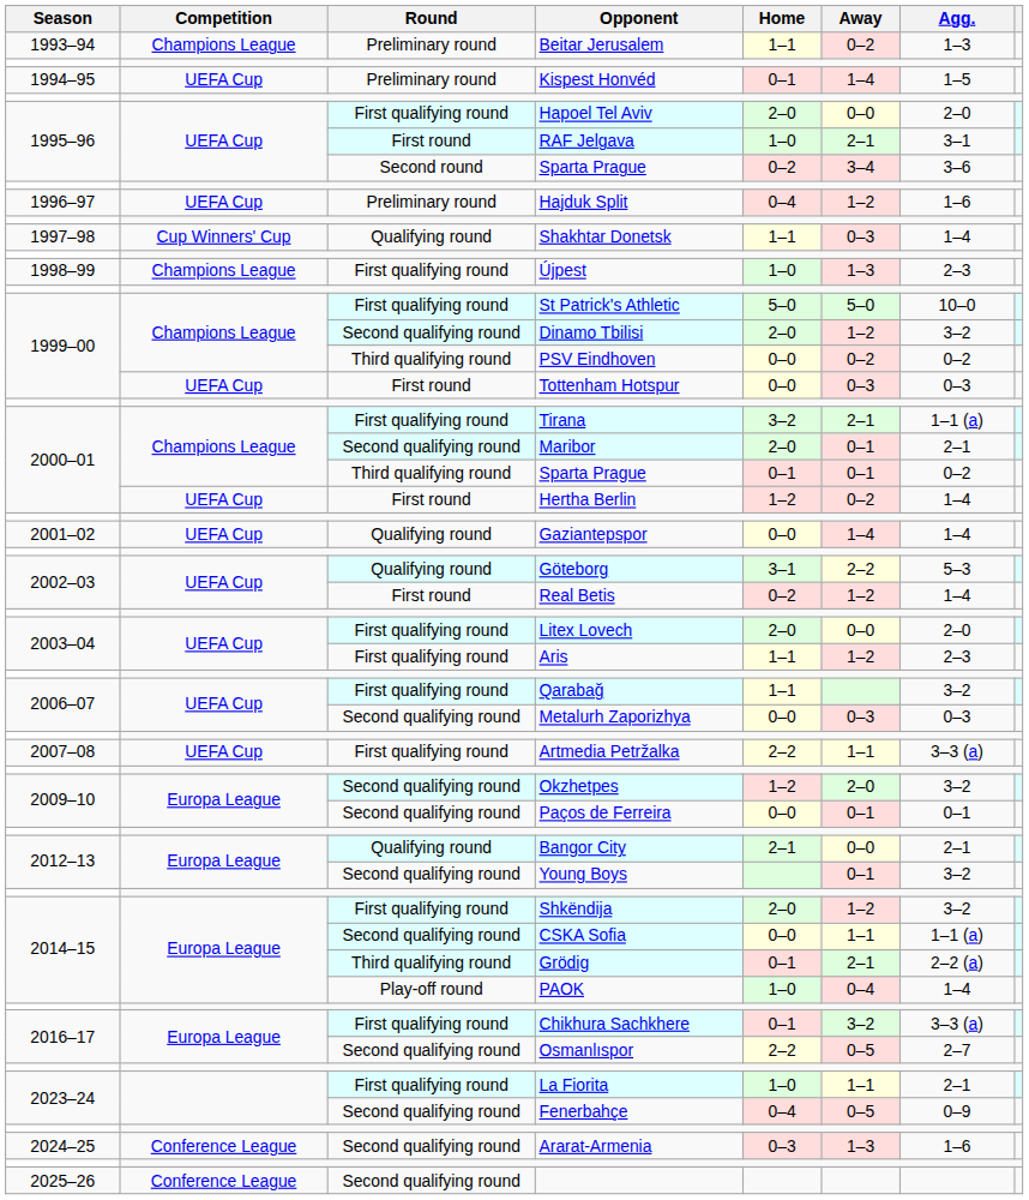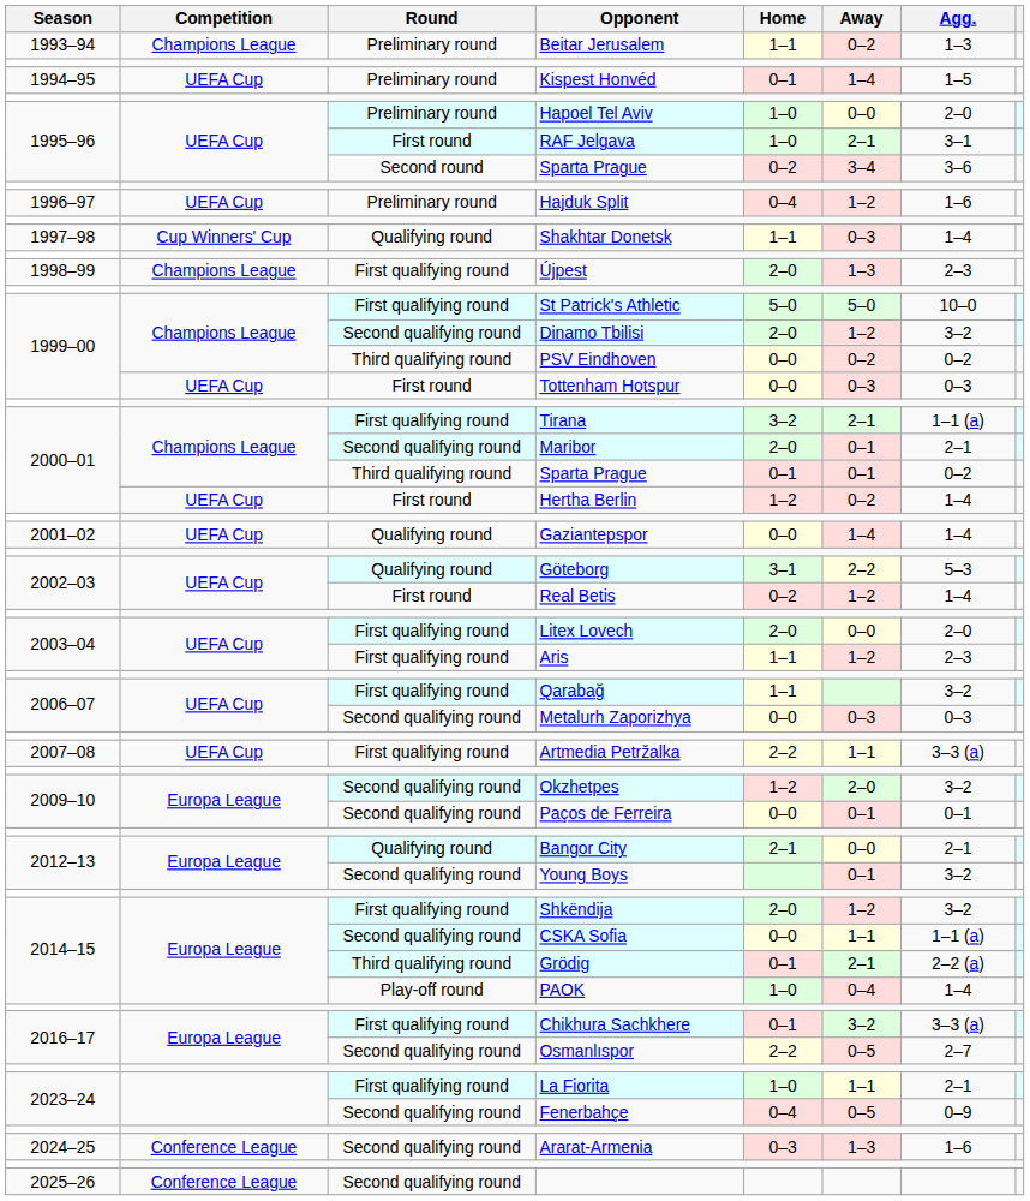 <table class="wikitable" style="font-size:78%; text-align: center;">
 <tr>
 <th width="80">Season</th>
 <th width="150">Competition</th>
 <th width="150">Round</th>
 <th width="150">Opponent</th>
 <th width="53">Home</th>
 <th width="53">Away</th>
 <th width="80"><a href='#'>Agg.</a></th>
 <th></th>
 </tr>
 <tr>
 <td>1993–94</td>
 <td><a href='#'>Champions League</a></td>
 <td>Preliminary round</td>
 <td align="left"> <a href='#'>Beitar Jerusalem</a></td>
 <td bgcolor="#ffffdd">1–1</td>
 <td bgcolor="#ffdddd">0–2</td>
 <td>1–3</td>
 <td></td>
 </tr>
 <tr>
 <td colspan=1 style="text-align: center;" bgcolor=white></td>
 </tr>
 <tr>
 <td>1994–95</td>
 <td><a href='#'>UEFA Cup</a></td>
 <td>Preliminary round</td>
 <td align="left"> <a href='#'>Kispest Honvéd</a></td>
 <td bgcolor="#ffdddd">0–1</td>
 <td bgcolor="#ffdddd">1–4</td>
 <td>1–5</td>
 <td></td>
 </tr>
 <tr>
 <td colspan=1 style="text-align: center;" bgcolor=white></td>
 </tr>
 <tr>
 <td rowspan=3>1995–96</td>
 <td rowspan=3><a href='#'>UEFA Cup</a></td>
-<td style="background:#dff;">First qualifying round</td>
+<td style="background:#dff;">Preliminary round</td>
 <td align="left" style="background:#dff;"> <a href='#'>Hapoel Tel Aviv</a></td>
-<td bgcolor="#ddffdd">2–0</td>
+<td bgcolor="#ddffdd">1–0</td>
 <td bgcolor="#ffffdd">0–0</td>
 <td>2–0</td>
 <td style="background:#dff;"></td>
 </tr>
 <tr>
 <td style="background:#dff;">First round</td>
 <td align="left" style="background:#dff;"> <a href='#'>RAF Jelgava</a></td>
 <td bgcolor="#ddffdd">1–0</td>
 <td bgcolor="#ddffdd">2–1</td>
 <td>3–1</td>
 <td style="background:#dff;"></td>
 </tr>
 <tr>
 <td>Second round</td>
 <td align="left"> <a href='#'>Sparta Prague</a></td>
 <td bgcolor="#ffdddd">0–2</td>
 <td bgcolor="#ffdddd">3–4</td>
 <td>3–6</td>
 <td></td>
 </tr>
 <tr>
 <td colspan=1 style="text-align: center;" bgcolor=white></td>
 </tr>
 <tr>
 <td>1996–97</td>
 <td><a href='#'>UEFA Cup</a></td>
 <td>Preliminary round</td>
 <td align="left"> <a href='#'>Hajduk Split</a></td>
 <td bgcolor="#ffdddd">0–4</td>
 <td bgcolor="#ffdddd">1–2</td>
 <td>1–6</td>
 <td></td>
 </tr>
 <tr>
 <td colspan=1 style="text-align: center;" bgcolor=white></td>
 </tr>
 <tr>
 <td>1997–98</td>
 <td><a href='#'>Cup Winners' Cup</a></td>
 <td>Qualifying round</td>
 <td align="left"> <a href='#'>Shakhtar Donetsk</a></td>
 <td bgcolor="#ffffdd">1–1</td>
 <td bgcolor="#ffdddd">0–3</td>
 <td>1–4</td>
 <td></td>
 </tr>
 <tr>
 <td colspan=1 style="text-align: center;" bgcolor=white></td>
 </tr>
 <tr>
 <td>1998–99</td>
 <td><a href='#'>Champions League</a></td>
 <td>First qualifying round</td>
 <td align="left"> <a href='#'>Újpest</a></td>
-<td bgcolor="#ddffdd">1–0</td>
+<td bgcolor="#ddffdd">2–0</td>
 <td bgcolor="#ffdddd">1–3</td>
 <td>2–3</td>
 <td></td>
 </tr>
 <tr>
 <td colspan=1 style="text-align: center;" bgcolor=white></td>
 </tr>
 <tr>
 <td rowspan=4>1999–00</td>
 <td rowspan=3><a href='#'>Champions League</a></td>
 <td style="background:#dff;">First qualifying round</td>
 <td align="left" style="background:#dff;"> <a href='#'>St Patrick's Athletic</a></td>
 <td bgcolor="#ddffdd">5–0</td>
 <td bgcolor="#ddffdd">5–0</td>
 <td>10–0</td>
 <td style="background:#dff;"></td>
 </tr>
 <tr>
 <td style="background:#dff;">Second qualifying round</td>
 <td align="left" style="background:#dff;"> <a href='#'>Dinamo Tbilisi</a></td>
 <td bgcolor="#ddffdd">2–0</td>
 <td bgcolor="#ffdddd">1–2</td>
 <td>3–2</td>
 <td style="background:#dff;"></td>
 </tr>
 <tr>
 <td>Third qualifying round</td>
 <td align="left"> <a href='#'>PSV Eindhoven</a></td>
 <td bgcolor="#ffffdd">0–0</td>
 <td bgcolor="#ffdddd">0–2</td>
 <td>0–2</td>
 <td></td>
 </tr>
 <tr>
 <td><a href='#'>UEFA Cup</a></td>
 <td>First round</td>
 <td align="left"> <a href='#'>Tottenham Hotspur</a></td>
 <td bgcolor="#ffffdd">0–0</td>
 <td bgcolor="#ffdddd">0–3</td>
 <td>0–3</td>
 <td></td>
 </tr>
 <tr>
 <td colspan=1 style="text-align: center;" bgcolor=white></td>
 </tr>
 <tr>
 <td rowspan=4>2000–01</td>
 <td rowspan=3><a href='#'>Champions League</a></td>
 <td style="background:#dff;">First qualifying round</td>
 <td align="left" style="background:#dff;"> <a href='#'>Tirana</a></td>
 <td bgcolor="#ddffdd">3–2</td>
 <td bgcolor="#ddffdd">2–1</td>
 <td>1–1 (<a href='#'>a</a>)</td>
 <td style="background:#dff;"></td>
 </tr>
 <tr>
 <td style="background:#dff;">Second qualifying round</td>
 <td align="left" style="background:#dff;"> <a href='#'>Maribor</a></td>
 <td bgcolor="#ddffdd">2–0</td>
 <td bgcolor="#ffdddd">0–1</td>
 <td>2–1</td>
 <td style="background:#dff;"></td>
 </tr>
 <tr>
 <td>Third qualifying round</td>
 <td align="left"> <a href='#'>Sparta Prague</a></td>
 <td bgcolor="#ffdddd">0–1</td>
 <td bgcolor="#ffdddd">0–1</td>
 <td>0–2</td>
 <td></td>
 </tr>
 <tr>
 <td><a href='#'>UEFA Cup</a></td>
 <td>First round</td>
 <td align="left"> <a href='#'>Hertha Berlin</a></td>
 <td bgcolor="#ffdddd">1–2</td>
 <td bgcolor="#ffdddd">0–2</td>
 <td>1–4</td>
 <td></td>
 </tr>
 <tr>
 <td colspan=1 style="text-align: center;" bgcolor=white></td>
 </tr>
 <tr>
 <td>2001–02</td>
 <td><a href='#'>UEFA Cup</a></td>
 <td>Qualifying round</td>
 <td align="left"> <a href='#'>Gaziantepspor</a></td>
 <td bgcolor="#ffffdd">0–0</td>
 <td bgcolor="#ffdddd">1–4</td>
 <td>1–4</td>
 <td></td>
 </tr>
 <tr>
 <td colspan=1 style="text-align: center;" bgcolor=white></td>
 </tr>
 <tr>
 <td rowspan=2>2002–03</td>
 <td rowspan=2><a href='#'>UEFA Cup</a></td>
 <td style="background:#dff;">Qualifying round</td>
 <td align="left" style="background:#dff;"> <a href='#'>Göteborg</a></td>
 <td bgcolor="#ddffdd">3–1</td>
 <td bgcolor="#ffffdd">2–2</td>
 <td>5–3</td>
 <td style="background:#dff;"></td>
 </tr>
 <tr>
 <td>First round</td>
 <td align="left"> <a href='#'>Real Betis</a></td>
 <td bgcolor="#ffdddd">0–2</td>
 <td bgcolor="#ffdddd">1–2</td>
 <td>1–4</td>
 <td></td>
 </tr>
 <tr>
 <td colspan=1 style="text-align: center;" bgcolor=white></td>
 </tr>
 <tr>
 <td rowspan=2>2003–04</td>
 <td rowspan=2><a href='#'>UEFA Cup</a></td>
 <td style="background:#dff;">First qualifying round</td>
 <td align="left" style="background:#dff;"> <a href='#'>Litex Lovech</a></td>
 <td bgcolor="#ddffdd">2–0</td>
 <td bgcolor="#ffffdd">0–0</td>
 <td>2–0</td>
 <td style="background:#dff;"></td>
 </tr>
 <tr>
 <td>First qualifying round</td>
 <td align="left"> <a href='#'>Aris</a></td>
 <td bgcolor="#ffffdd">1–1</td>
 <td bgcolor="#ffdddd">1–2</td>
 <td>2–3</td>
 <td></td>
 </tr>
 <tr>
 <td colspan=1 style="text-align: center;" bgcolor=white></td>
 </tr>
 <tr>
 <td rowspan=2>2006–07</td>
 <td rowspan=2><a href='#'>UEFA Cup</a></td>
 <td style="background:#dff;">First qualifying round</td>
 <td align="left" style="background:#dff;"> <a href='#'>Qarabağ</a></td>
 <td bgcolor="#ffffdd">1–1</td>
 <td bgcolor="#ddffdd"></td>
 <td>3–2</td>
 <td style="background:#dff;"></td>
 </tr>
 <tr>
 <td>Second qualifying round</td>
 <td align="left"> <a href='#'>Metalurh Zaporizhya</a></td>
 <td bgcolor="#ffffdd">0–0</td>
 <td bgcolor="#ffdddd">0–3</td>
 <td>0–3</td>
 <td></td>
 </tr>
 <tr>
 <td colspan=1 style="text-align: center;" bgcolor=white></td>
 </tr>
 <tr>
 <td>2007–08</td>
 <td><a href='#'>UEFA Cup</a></td>
 <td>First qualifying round</td>
 <td align="left"> <a href='#'>Artmedia Petržalka</a></td>
 <td bgcolor="#ffffdd">2–2</td>
 <td bgcolor="#ffffdd">1–1</td>
 <td>3–3 (<a href='#'>a</a>)</td>
 <td></td>
 </tr>
 <tr>
 <td colspan=1 style="text-align: center;" bgcolor=white></td>
 </tr>
 <tr>
 <td rowspan=2>2009–10</td>
 <td rowspan=2><a href='#'>Europa League</a></td>
 <td style="background:#dff;">Second qualifying round</td>
 <td align="left" style="background:#dff;"> <a href='#'>Okzhetpes</a></td>
 <td bgcolor="#ffdddd">1–2</td>
 <td bgcolor="#ddffdd">2–0</td>
 <td>3–2</td>
 <td style="background:#dff;"></td>
 </tr>
 <tr>
 <td>Second qualifying round</td>
 <td align="left"> <a href='#'>Paços de Ferreira</a></td>
 <td bgcolor="#ffffdd">0–0</td>
 <td bgcolor="#ffdddd">0–1</td>
 <td>0–1</td>
 <td></td>
 </tr>
 <tr>
 <td colspan=1 style="text-align: center;" bgcolor=white></td>
 </tr>
 <tr>
 <td rowspan=2>2012–13</td>
 <td rowspan=2><a href='#'>Europa League</a></td>
 <td style="background:#dff;">Qualifying round</td>
 <td align="left" style="background:#dff;"> <a href='#'>Bangor City</a></td>
 <td bgcolor="#ddffdd">2–1</td>
 <td bgcolor="#ffffdd">0–0</td>
 <td>2–1</td>
 <td style="background:#dff;"></td>
 </tr>
 <tr>
 <td>Second qualifying round</td>
 <td align="left"> <a href='#'>Young Boys</a></td>
 <td bgcolor="#ddffdd"></td>
 <td bgcolor="#ffdddd">0–1</td>
 <td>3–2</td>
 <td></td>
 </tr>
 <tr>
 <td colspan=1 style="text-align: center;" bgcolor=white></td>
 </tr>
 <tr>
 <td rowspan=4>2014–15</td>
 <td rowspan=4><a href='#'>Europa League</a></td>
 <td style="background:#dff;">First qualifying round</td>
 <td align="left" style="background:#dff;"> <a href='#'>Shkëndija</a></td>
 <td bgcolor="#ddffdd">2–0</td>
 <td bgcolor="#ffdddd">1–2</td>
 <td>3–2</td>
 <td style="background:#dff;"></td>
 </tr>
 <tr>
 <td style="background:#dff;">Second qualifying round</td>
 <td align="left" style="background:#dff;"> <a href='#'>CSKA Sofia</a></td>
 <td bgcolor="#ffffdd">0–0</td>
 <td bgcolor="#ffffdd">1–1</td>
 <td>1–1 (<a href='#'>a</a>)</td>
 <td style="background:#dff;"></td>
 </tr>
 <tr>
 <td style="background:#dff;">Third qualifying round</td>
 <td align="left" style="background:#dff;"> <a href='#'>Grödig</a></td>
 <td bgcolor="#ffdddd">0–1</td>
 <td bgcolor="#ddffdd">2–1</td>
 <td>2–2 (<a href='#'>a</a>)</td>
 <td style="background:#dff;"></td>
 </tr>
 <tr>
 <td>Play-off round</td>
 <td align="left"> <a href='#'>PAOK</a></td>
 <td bgcolor="#ddffdd">1–0</td>
 <td bgcolor="#ffdddd">0–4</td>
 <td>1–4</td>
 <td></td>
 </tr>
 <tr>
 <td colspan=1 style="text-align: center;" bgcolor=white></td>
 </tr>
 <tr>
 <td rowspan=2>2016–17</td>
 <td rowspan=2><a href='#'>Europa League</a></td>
 <td style="background:#dff;">First qualifying round</td>
 <td align="left" style="background:#dff;"> <a href='#'>Chikhura Sachkhere</a></td>
 <td bgcolor="#ffdddd">0–1</td>
 <td bgcolor="#ddffdd">3–2</td>
 <td>3–3 (<a href='#'>a</a>)</td>
 <td style="background:#dff;"></td>
 </tr>
 <tr>
 <td>Second qualifying round</td>
 <td align="left"> <a href='#'>Osmanlıspor</a></td>
 <td bgcolor="#ffffdd">2–2</td>
 <td bgcolor="#ffdddd">0–5</td>
 <td>2–7</td>
 <td></td>
 </tr>
 <tr>
 <td colspan=1 style="text-align: center;" bgcolor=white></td>
 </tr>
 <tr>
 <td rowspan=2>2023–24</td>
 <td rowspan=2></td>
 <td style="background:#dff;">First qualifying round</td>
 <td align="left" style="background:#dff;"> <a href='#'>La Fiorita</a></td>
 <td bgcolor="#ddffdd">1–0</td>
 <td bgcolor="#ffffdd">1–1</td>
 <td>2–1</td>
 <td style="background:#dff;"></td>
 </tr>
 <tr>
 <td>Second qualifying round</td>
 <td align="left"> <a href='#'>Fenerbahçe</a></td>
 <td bgcolor="#ffdddd">0–4</td>
 <td bgcolor="#ffdddd">0–5</td>
 <td>0–9</td>
 <td></td>
 </tr>
 <tr>
 <td colspan=1 style="text-align: center;" bgcolor=white></td>
 </tr>
 <tr>
 <td>2024–25</td>
 <td><a href='#'>Conference League</a></td>
 <td>Second qualifying round</td>
 <td align="left"> <a href='#'>Ararat-Armenia</a></td>
 <td bgcolor="#ffdddd">0–3</td>
 <td bgcolor="#ffdddd">1–3</td>
 <td>1–6</td>
 <td></td>
 </tr>
 <tr>
 <td colspan=1 style="text-align: center;" bgcolor=white></td>
 </tr>
 <tr>
 <td>2025–26</td>
 <td><a href='#'>Conference League</a></td>
 <td>Second qualifying round</td>
 <td align="left"></td>
 <td></td>
 <td></td>
 <td></td>
 <td></td>
 </tr>
 </table>
